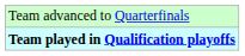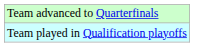 <table class="wikitable">
 <tr style="width:10px; background:#ccffcc;">
 <td>Team advanced to <a href='#'>Quarterfinals</a></td>
 </tr>
 <tr style="width:10px; background:#ccffff;">
-<td><strong>Team played in <a href='#'>Qualification playoffs</a></strong></td>
+<td>Team played in <a href='#'>Qualification playoffs</a></td>
 </tr>
 </table>
